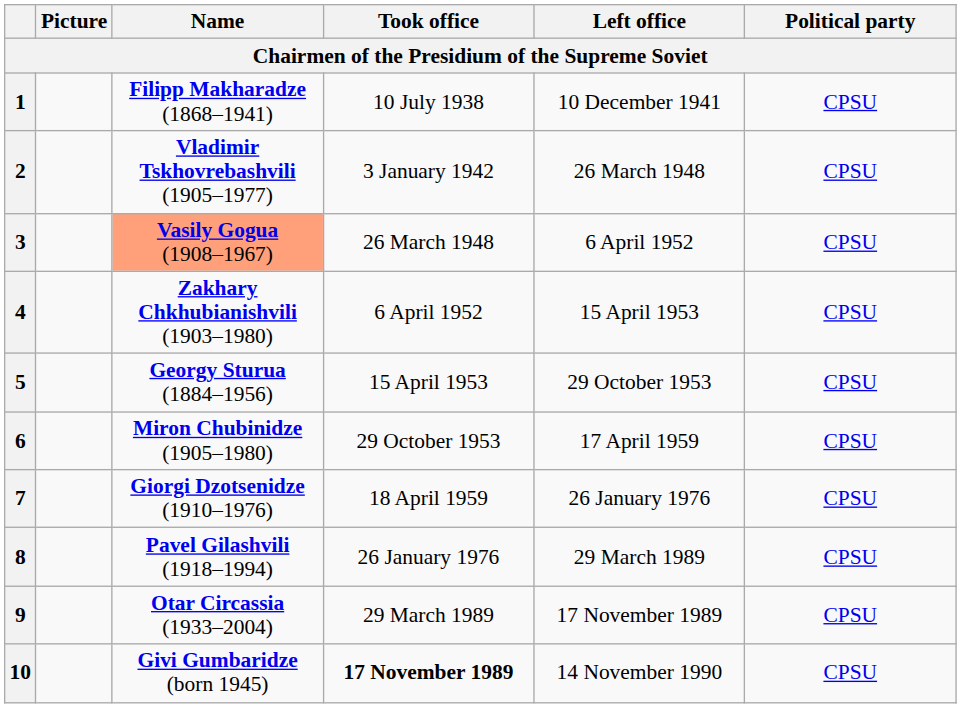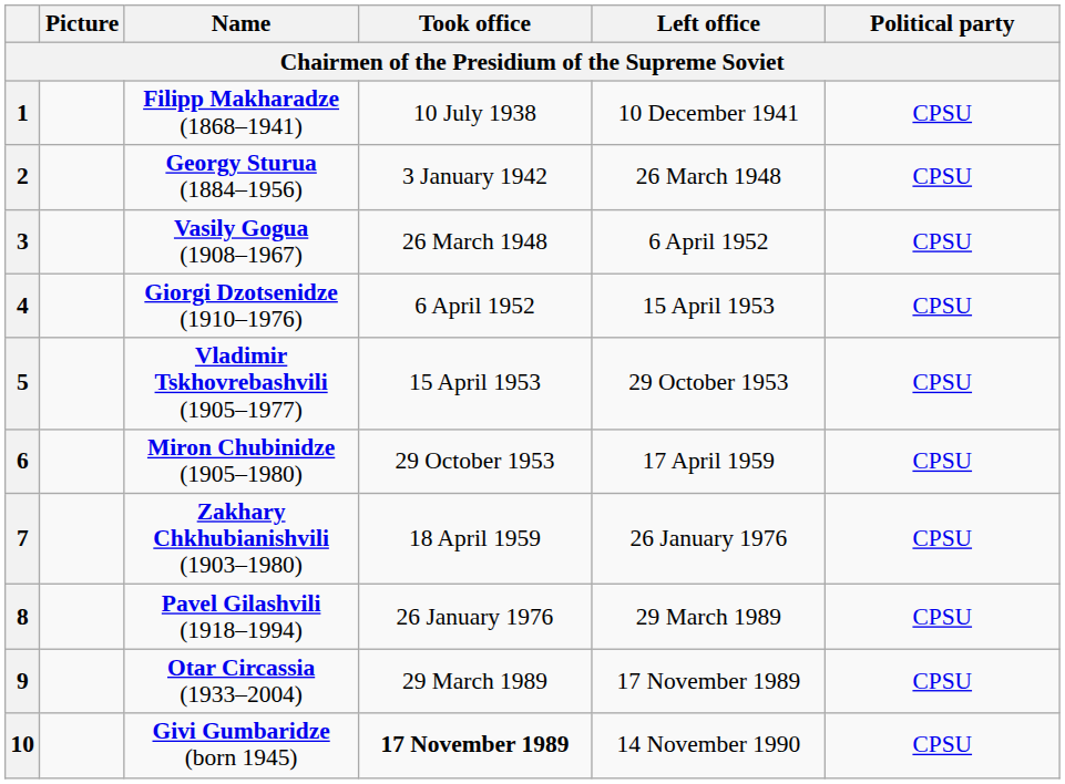 <table class="wikitable" style="text-align:center">
 <tr>
 <th></th>
 <th>Picture</th>
 <th width="150">Name<br></th>
 <th width="150">Took office</th>
 <th width="150">Left office</th>
 <th width="150">Political party</th>
 </tr>
 <tr>
 <th colspan="6" align="center">Chairmen of the Presidium of the Supreme Soviet</th>
 </tr>
 <tr>
 <th style="background:">1</th>
 <td></td>
 <td><strong><a href='#'>Filipp Makharadze</a></strong><br>(1868–1941)</td>
 <td>10 July 1938</td>
 <td>10 December 1941</td>
 <td><a href='#'>CPSU</a></td>
 </tr>
 <tr>
 <th style="background:">2</th>
 <td></td>
-<td><strong><a href='#'>Vladimir Tskhovrebashvili</a></strong><br>(1905–1977)</td>
+<td><strong><a href='#'>Georgy Sturua</a></strong><br>(1884–1956)</td>
 <td>3 January 1942</td>
 <td>26 March 1948</td>
 <td><a href='#'>CPSU</a></td>
 </tr>
 <tr>
 <th style="background:">3</th>
 <td></td>
-<td style="background: lightsalmon;"><strong><a href='#'>Vasily Gogua</a></strong><br>(1908–1967)</td>
+<td><strong><a href='#'>Vasily Gogua</a></strong><br>(1908–1967)</td>
 <td>26 March 1948</td>
 <td>6 April 1952</td>
 <td><a href='#'>CPSU</a></td>
 </tr>
 <tr>
 <th style="background:">4</th>
 <td></td>
-<td><strong><a href='#'>Zakhary Chkhubianishvili</a></strong><br>(1903–1980)</td>
+<td><strong><a href='#'>Giorgi Dzotsenidze</a></strong><br>(1910–1976)</td>
 <td>6 April 1952</td>
 <td>15 April 1953</td>
 <td><a href='#'>CPSU</a></td>
 </tr>
 <tr>
 <th style="background:">5</th>
 <td></td>
-<td><strong><a href='#'>Georgy Sturua</a></strong><br>(1884–1956)</td>
+<td><strong><a href='#'>Vladimir Tskhovrebashvili</a></strong><br>(1905–1977)</td>
 <td>15 April 1953</td>
 <td>29 October 1953</td>
 <td><a href='#'>CPSU</a></td>
 </tr>
 <tr>
 <th style="background:">6</th>
 <td></td>
 <td><strong><a href='#'>Miron Chubinidze</a></strong><br>(1905–1980)</td>
 <td>29 October 1953</td>
 <td>17 April 1959</td>
 <td><a href='#'>CPSU</a></td>
 </tr>
 <tr>
 <th style="background:">7</th>
 <td></td>
-<td><strong><a href='#'>Giorgi Dzotsenidze</a></strong><br>(1910–1976)</td>
+<td><strong><a href='#'>Zakhary Chkhubianishvili</a></strong><br>(1903–1980)</td>
 <td>18 April 1959</td>
 <td>26 January 1976</td>
 <td><a href='#'>CPSU</a></td>
 </tr>
 <tr>
 <th style="background:">8</th>
 <td></td>
 <td><strong><a href='#'>Pavel Gilashvili</a></strong><br>(1918–1994)</td>
 <td>26 January 1976</td>
 <td>29 March 1989</td>
 <td><a href='#'>CPSU</a></td>
 </tr>
 <tr>
 <th style="background:">9</th>
 <td></td>
 <td><strong><a href='#'>Otar Circassia</a></strong><br>(1933–2004)</td>
 <td>29 March 1989</td>
 <td>17 November 1989</td>
 <td><a href='#'>CPSU</a></td>
 </tr>
 <tr>
 <th style="background:">10</th>
 <td></td>
 <td><strong><a href='#'>Givi Gumbaridze</a></strong><br>(born 1945)</td>
 <td><strong>17 November 1989</strong></td>
 <td>14 November 1990</td>
 <td><a href='#'>CPSU</a></td>
 </tr>
 </table>
